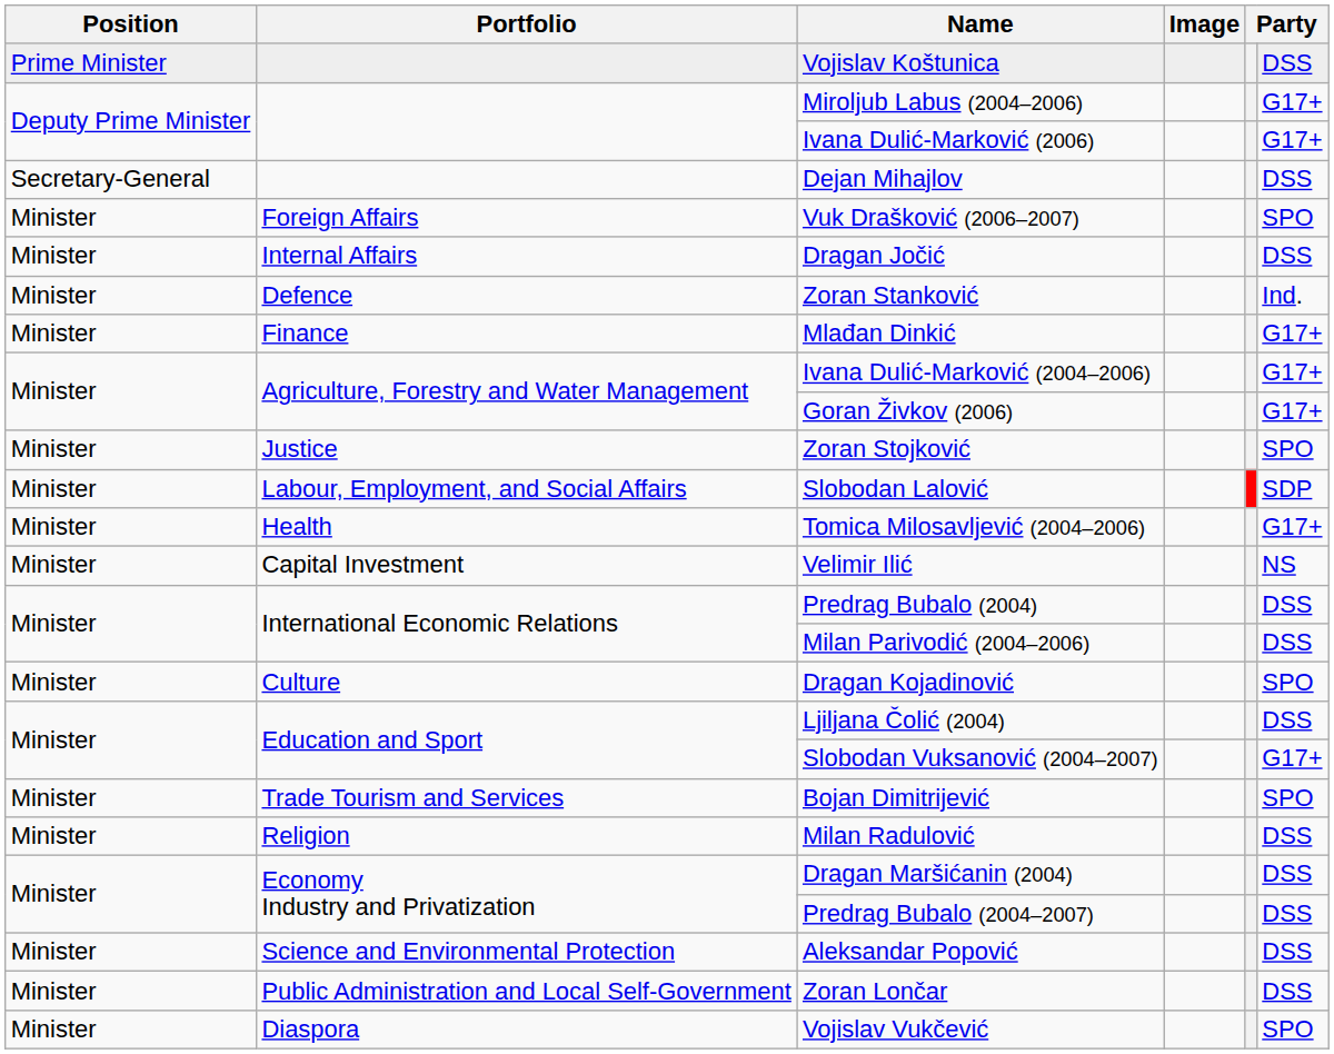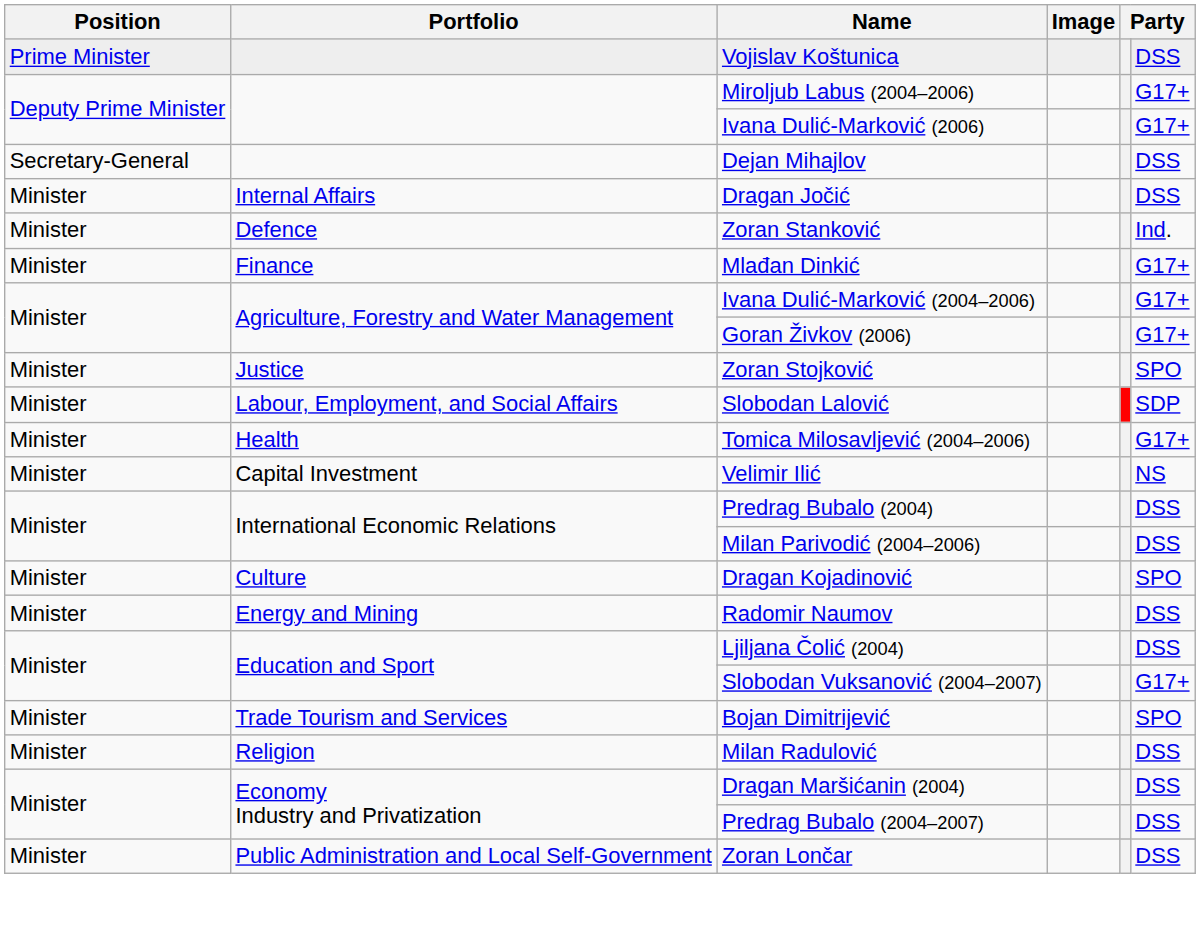 <table class="wikitable">
 <tr>
 <th>Position</th>
 <th>Portfolio</th>
 <th>Name</th>
 <th>Image</th>
 <th colspan="2">Party</th>
 </tr>
 <tr bgcolor="#EEEEEE">
 <td><a href='#'>Prime Minister</a></td>
 <td></td>
 <td><a href='#'>Vojislav Koštunica</a></td>
 <td></td>
 <th style="background:"></th>
 <td><a href='#'>DSS</a></td>
 </tr>
 <tr>
 <td rowspan="2"><a href='#'>Deputy Prime Minister</a></td>
 <td rowspan="2"></td>
 <td><a href='#'>Miroljub Labus</a> <small>(2004–2006)</small></td>
 <td></td>
 <th style="background:"></th>
 <td><a href='#'>G17+</a></td>
 </tr>
 <tr>
 <td><a href='#'>Ivana Dulić-Marković</a> <small>(2006)</small></td>
 <td></td>
 <th style="background:"></th>
 <td><a href='#'>G17+</a></td>
 </tr>
 <tr>
 <td>Secretary-General</td>
 <td></td>
 <td><a href='#'>Dejan Mihajlov</a></td>
 <td></td>
 <th style="background:"></th>
 <td><a href='#'>DSS</a></td>
-</tr>
-<tr>
-<td>Minister</td>
-<td><a href='#'>Foreign Affairs</a></td>
-<td><a href='#'>Vuk Drašković</a> <small>(2006–2007)</small></td>
-<td></td>
-<th style="background:"></th>
-<td><a href='#'>SPO</a></td>
 </tr>
 <tr>
 <td>Minister</td>
 <td><a href='#'>Internal Affairs</a></td>
 <td><a href='#'>Dragan Jočić</a></td>
 <td></td>
 <th style="background:"></th>
 <td><a href='#'>DSS</a></td>
 </tr>
 <tr>
 <td>Minister</td>
 <td><a href='#'>Defence</a></td>
 <td><a href='#'>Zoran Stanković</a></td>
 <td></td>
 <th style="background:"></th>
 <td><a href='#'>Ind</a>.</td>
 </tr>
 <tr>
 <td>Minister</td>
 <td><a href='#'>Finance</a></td>
 <td><a href='#'>Mlađan Dinkić</a></td>
 <td></td>
 <th style="background:"></th>
 <td><a href='#'>G17+</a></td>
 </tr>
 <tr>
 <td rowspan="2">Minister</td>
 <td rowspan="2"><a href='#'>Agriculture, Forestry and Water Management</a></td>
 <td><a href='#'>Ivana Dulić-Marković</a> <small>(2004–2006)</small></td>
 <td></td>
 <th style="background:"></th>
 <td><a href='#'>G17+</a></td>
 </tr>
 <tr>
 <td><a href='#'>Goran Živkov</a> <small>(2006)</small></td>
 <td></td>
 <th style="background:"></th>
 <td><a href='#'>G17+</a></td>
 </tr>
 <tr>
 <td>Minister</td>
 <td><a href='#'>Justice</a></td>
 <td><a href='#'>Zoran Stojković</a></td>
 <td></td>
 <th style="background:"></th>
 <td><a href='#'>SPO</a></td>
 </tr>
 <tr>
 <td>Minister</td>
 <td><a href='#'>Labour, Employment, and Social Affairs</a></td>
 <td><a href='#'>Slobodan Lalović</a></td>
 <td></td>
 <th style="background:red;"></th>
 <td><a href='#'>SDP</a></td>
 </tr>
 <tr>
 <td>Minister</td>
 <td><a href='#'>Health</a></td>
 <td><a href='#'>Tomica Milosavljević</a> <small>(2004–2006)</small></td>
 <td></td>
 <th style="background:"></th>
 <td><a href='#'>G17+</a></td>
 </tr>
 <tr>
 <td>Minister</td>
 <td>Capital Investment</td>
 <td><a href='#'>Velimir Ilić</a></td>
 <td></td>
 <th style="background:"></th>
 <td><a href='#'>NS</a></td>
 </tr>
 <tr>
 <td rowspan="2">Minister</td>
 <td rowspan="2">International Economic Relations</td>
 <td><a href='#'>Predrag Bubalo</a> <small>(2004)</small></td>
 <td></td>
 <th style="background:"></th>
 <td><a href='#'>DSS</a></td>
 </tr>
 <tr>
 <td><a href='#'>Milan Parivodić</a> <small>(2004–2006)</small></td>
 <td></td>
 <th style="background:"></th>
 <td><a href='#'>DSS</a></td>
 </tr>
 <tr>
 <td>Minister</td>
 <td><a href='#'>Culture</a></td>
 <td><a href='#'>Dragan Kojadinović</a></td>
 <td></td>
 <th style="background:"></th>
 <td><a href='#'>SPO</a></td>
 </tr>
 <tr>
+<td>Minister</td>
+<td><a href='#'>Energy and Mining</a></td>
+<td><a href='#'>Radomir Naumov</a></td>
+<td></td>
+<th style="background:"></th>
+<td><a href='#'>DSS</a></td>
+</tr>
+<tr>
 <td rowspan="2">Minister</td>
 <td rowspan="2"><a href='#'>Education and Sport</a></td>
 <td><a href='#'>Ljiljana Čolić</a> <small>(2004)</small></td>
 <td></td>
 <th style="background:"></th>
 <td><a href='#'>DSS</a></td>
 </tr>
 <tr>
 <td><a href='#'>Slobodan Vuksanović</a> <small>(2004–2007)</small></td>
 <td></td>
 <th style="background:"></th>
 <td><a href='#'>G17+</a></td>
 </tr>
 <tr>
 <td>Minister</td>
 <td><a href='#'>Trade Tourism and Services</a></td>
 <td><a href='#'>Bojan Dimitrijević</a></td>
 <td></td>
 <th style="background:"></th>
 <td><a href='#'>SPO</a></td>
 </tr>
 <tr>
 <td>Minister</td>
 <td><a href='#'>Religion</a></td>
 <td><a href='#'>Milan Radulović</a></td>
 <td></td>
 <th style="background:"></th>
 <td><a href='#'>DSS</a></td>
 </tr>
 <tr>
 <td rowspan="2">Minister</td>
 <td rowspan="2"><a href='#'>Economy</a><br>Industry and Privatization</td>
 <td><a href='#'>Dragan Maršićanin</a> <small>(2004)</small></td>
 <td></td>
 <th style="background:"></th>
 <td><a href='#'>DSS</a></td>
 </tr>
 <tr>
 <td><a href='#'>Predrag Bubalo</a> <small>(2004–2007)</small></td>
 <td></td>
 <th style="background:"></th>
 <td><a href='#'>DSS</a></td>
 </tr>
 <tr>
 <td>Minister</td>
-<td><a href='#'>Science and Environmental Protection</a></td>
-<td><a href='#'>Aleksandar Popović</a></td>
-<td></td>
-<th style="background:"></th>
-<td><a href='#'>DSS</a></td>
-</tr>
-<tr>
-<td>Minister</td>
 <td><a href='#'>Public Administration and Local Self-Government</a></td>
 <td><a href='#'>Zoran Lončar</a></td>
 <td></td>
 <th style="background:"></th>
 <td><a href='#'>DSS</a></td>
 </tr>
-<tr>
-<td>Minister</td>
-<td><a href='#'>Diaspora</a></td>
-<td><a href='#'>Vojislav Vukčević</a></td>
-<td></td>
-<th style="background:"></th>
-<td><a href='#'>SPO</a></td>
-</tr>
 </table>
